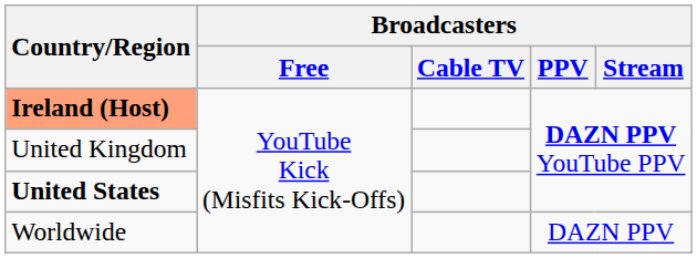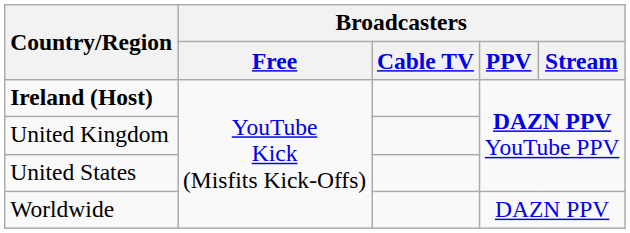 <table class="wikitable">
 <tr>
 <th rowspan="2">Country/Region</th>
 <th colspan="4">Broadcasters</th>
 </tr>
 <tr>
 <th><a href='#'>Free</a></th>
 <th><a href='#'>Cable TV</a></th>
 <th><a href='#'>PPV</a></th>
 <th><a href='#'>Stream</a></th>
 </tr>
 <tr>
-<td style="background: lightsalmon;"><strong>Ireland (Host)</strong></td>
+<td><strong>Ireland (Host)</strong></td>
 <td rowspan="4" align="center"><a href='#'>YouTube</a> <br> <a href='#'>Kick</a> <br> (Misfits Kick-Offs)</td>
 <td></td>
 <td rowspan="3" align="center" colspan="2"><strong><a href='#'>DAZN PPV</a></strong> <br> <a href='#'>YouTube PPV</a></td>
 </tr>
 <tr>
 <td>United Kingdom</td>
 <td></td>
 </tr>
 <tr>
-<td><strong>United States</strong></td>
+<td>United States</td>
 <td></td>
 </tr>
 <tr>
 <td>Worldwide</td>
 <td></td>
 <td align="center" colspan="2"><a href='#'>DAZN PPV</a></td>
 </tr>
 </table>
